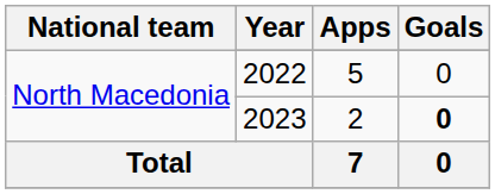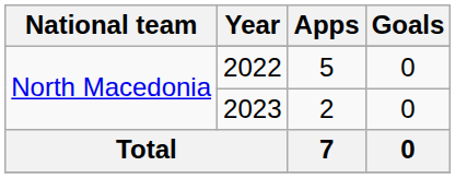 <table class="wikitable" style="text-align:center">
 <tr>
 <th>National team</th>
 <th>Year</th>
 <th>Apps</th>
 <th>Goals</th>
 </tr>
 <tr>
 <td rowspan=3><a href='#'>North Macedonia</a></td>
 </tr>
 <tr>
 <td>2022</td>
 <td>5</td>
 <td>0</td>
 </tr>
 <tr>
 <td>2023</td>
 <td>2</td>
-<td><strong>0</strong></td>
+<td>0</td>
 </tr>
 <tr>
 <th colspan=2>Total</th>
 <th>7</th>
 <th>0</th>
 </tr>
 <tr>
 </tr>
 </table>
